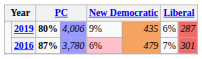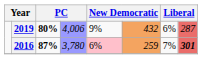 <table class="wikitable" style="float:right; width:400; font-size:90%; margin-left:1em;">
 <tr>
 <th colspan="2" scope="col">Year</th>
 <th colspan="2" scope="col"><a href='#'>PC</a></th>
 <th colspan="2" scope="col"><a href='#'>New Democratic</a></th>
 <th colspan="2" scope="col"><a href='#'>Liberal</a></th>
 </tr>
 <tr>
 <td rowspan="2" style="width: 0.25em; background-color: "></td>
 <th><a href='#'>2019</a></th>
 <td><strong>80%</strong></td>
 <td style="text-align:right; background:#9999FF;"><em>4,006</em></td>
 <td>9%</td>
-<td style="text-align:right; background:#F4A460;"><em>435</em></td>
+<td style="text-align:right; background:#F4A460;"><em>432</em></td>
 <td>6%</td>
 <td style="text-align:right; background:#EA6D6A;"><em>287</em></td>
 </tr>
 <tr>
 <th><a href='#'>2016</a></th>
 <td><strong>87%</strong></td>
 <td style="text-align:right; background:#9999FF;"><em>3,780</em></td>
 <td style="background: pink;">6%</td>
-<td style="text-align:right; background:#F4A460;"><em>479</em></td>
+<td style="text-align:right; background:#F4A460;"><em>259</em></td>
 <td>7%</td>
-<td style="text-align:right; background:#EA6D6A;"><em>301</em></td>
+<td style="text-align:right; background:#EA6D6A;"><strong><em>301</em></strong></td>
 </tr>
 <tr>
 </tr>
 </table>
